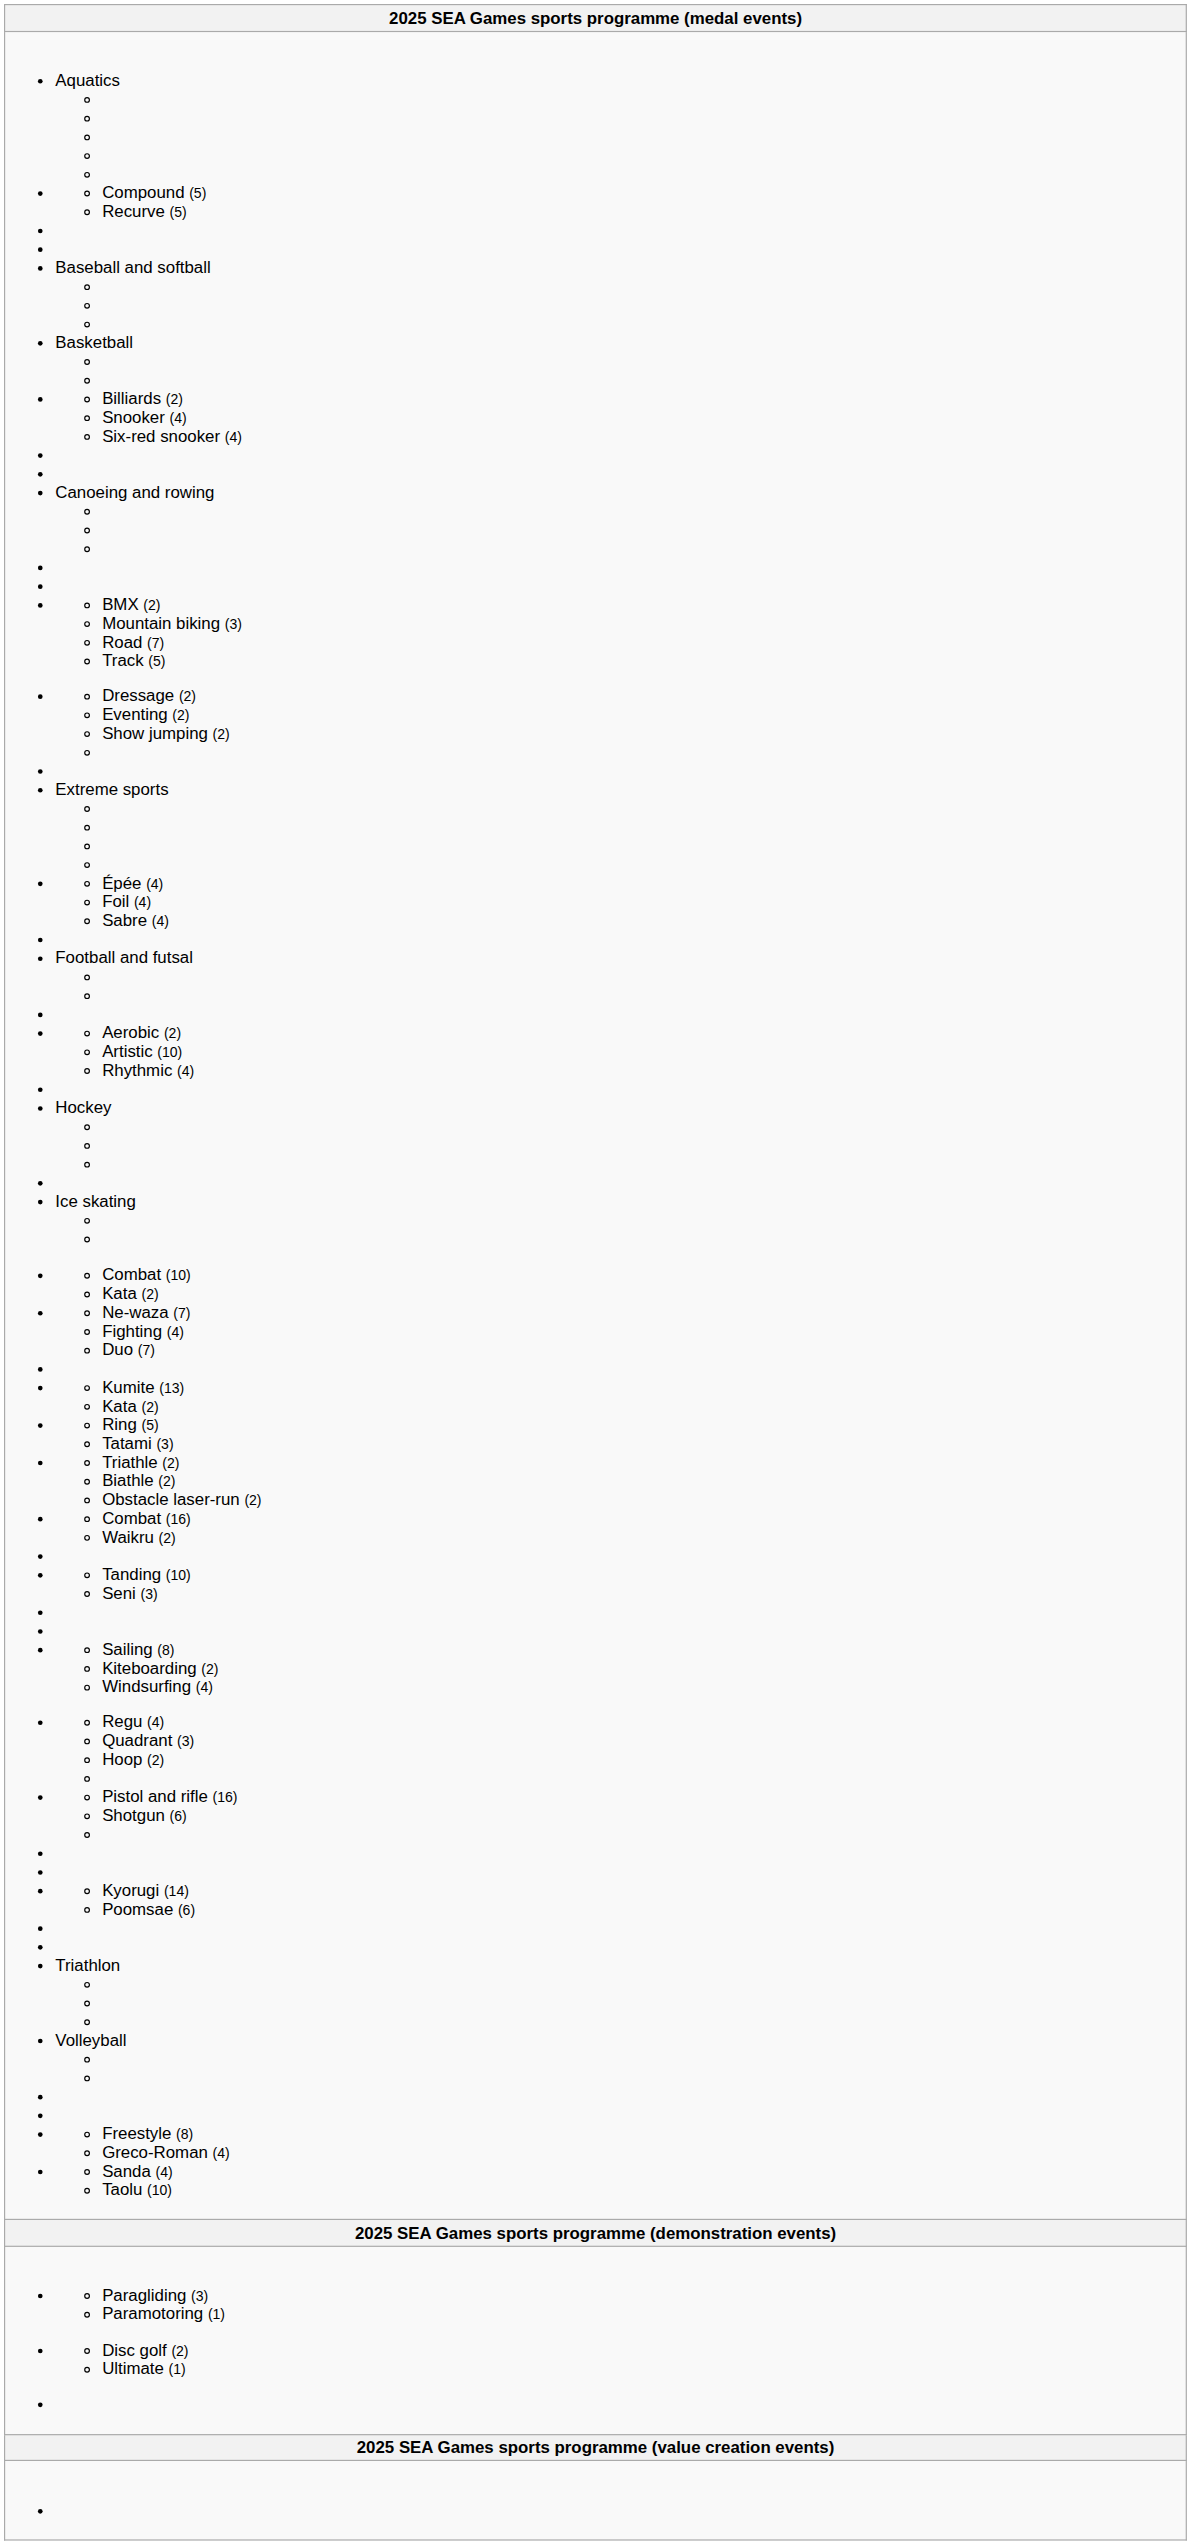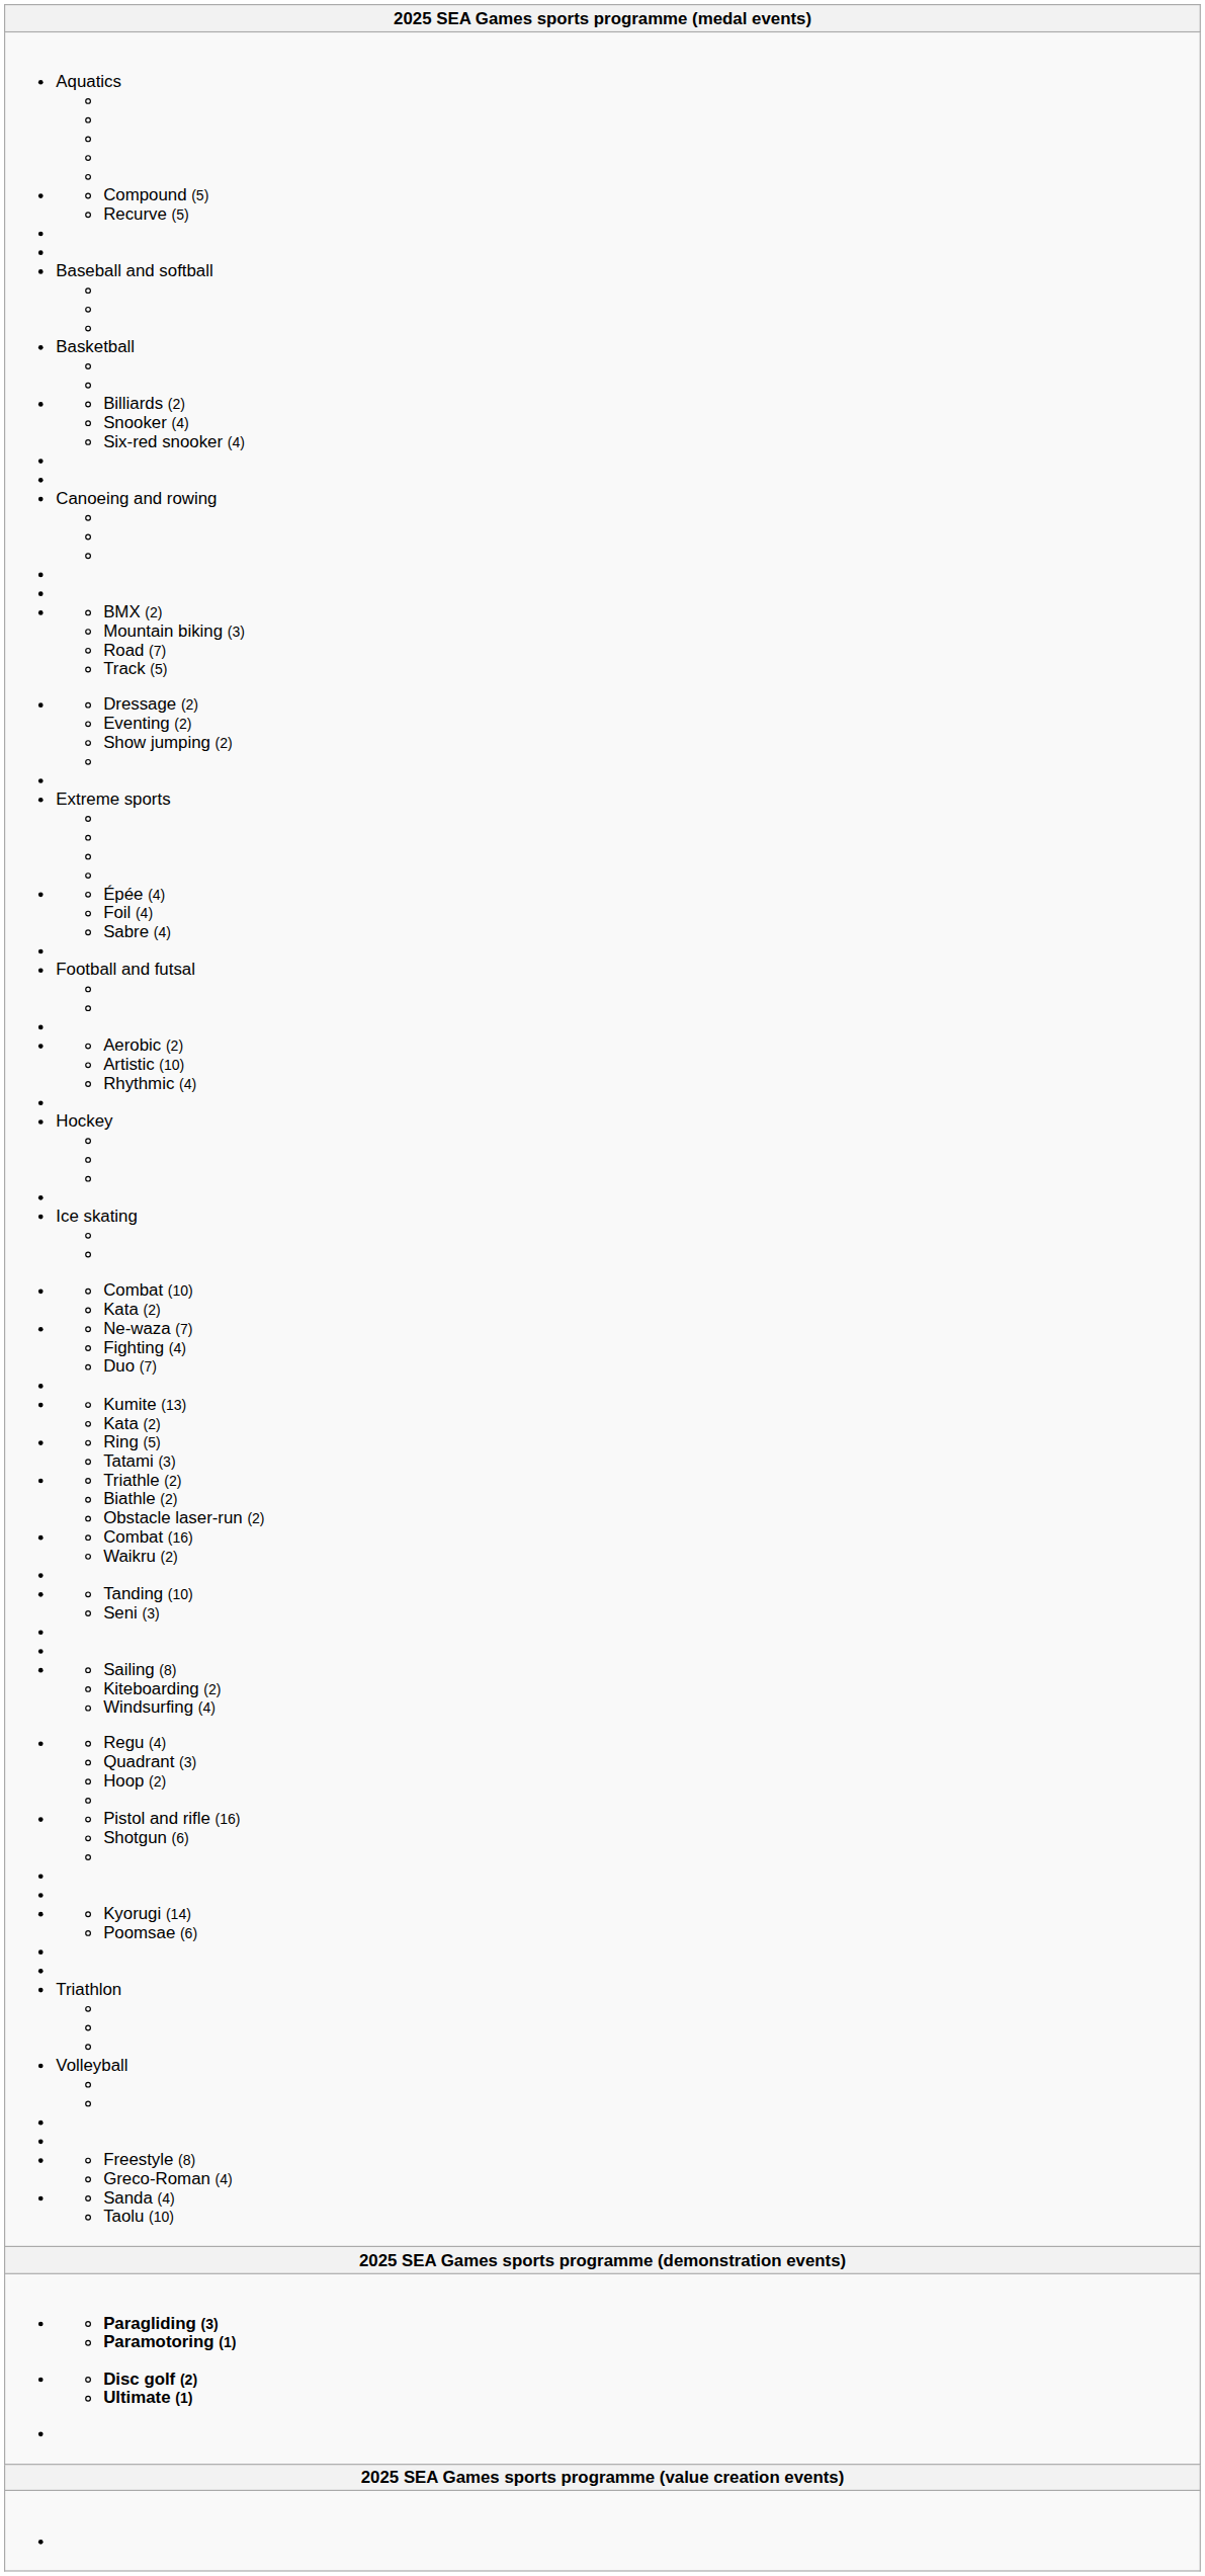 <table class="wikitable mw-collapsible" style="white-space:nowrap; width:80%; font-size:90%;">
 <tr>
 <th>2025 SEA Games sports programme (medal events)</th>
 </tr>
 <tr>
 <td><br> <ul><li>Aquatics <ul><li></li><li></li><li></li><li></li><li></li></ul></li><li><ul><li>Compound <small>(5)</small></li><li>Recurve <small>(5)</small></li></ul></li><li></li><li></li><li>Baseball and softball <ul><li></li><li></li><li></li></ul></li><li>Basketball <ul><li></li><li></li></ul></li><li><ul><li>Billiards <small>(2)</small></li><li>Snooker <small>(4)</small></li><li>Six-red snooker <small>(4)</small></li></ul></li><li></li><li></li><li>Canoeing and rowing <ul><li></li><li></li><li></li></ul></li><li></li><li></li><li><ul><li>BMX <small>(2)</small></li><li>Mountain biking <small>(3)</small></li><li>Road <small>(7)</small></li><li>Track <small>(5)</small></li></ul></li></ul><ul><li><ul><li>Dressage <small>(2)</small></li><li>Eventing <small>(2)</small></li><li>Show jumping <small>(2)</small></li><li></li></ul></li><li></li><li>Extreme sports <ul><li></li><li></li><li></li><li></li></ul></li><li><ul><li>Épée <small>(4)</small></li><li>Foil <small>(4)</small></li><li>Sabre <small>(4)</small></li></ul></li><li></li><li>Football and futsal <ul><li></li><li></li></ul></li><li></li><li><ul><li>Aerobic <small>(2)</small></li><li>Artistic <small>(10)</small></li><li>Rhythmic <small>(4)</small></li></ul></li><li></li><li>Hockey <ul><li></li><li></li><li></li></ul></li><li></li><li>Ice skating <ul><li></li><li></li></ul></li></ul><ul><li><ul><li>Combat <small>(10)</small></li><li>Kata <small>(2)</small></li></ul></li><li><ul><li>Ne-waza <small>(7)</small></li><li>Fighting <small>(4)</small></li><li>Duo <small>(7)</small></li></ul></li><li></li><li><ul><li>Kumite <small>(13)</small></li><li>Kata <small>(2)</small></li></ul></li><li><ul><li>Ring <small>(5)</small></li><li>Tatami <small>(3)</small></li></ul></li><li><ul><li>Triathle <small>(2)</small></li><li>Biathle <small>(2)</small></li><li>Obstacle laser-run <small>(2)</small></li></ul></li><li><ul><li>Combat <small>(16)</small></li><li>Waikru <small>(2)</small></li></ul></li><li></li><li><ul><li>Tanding <small>(10)</small></li><li>Seni <small>(3)</small></li></ul></li><li></li><li></li><li><ul><li>Sailing <small>(8)</small></li><li>Kiteboarding <small>(2)</small></li><li>Windsurfing <small>(4)</small></li></ul></li></ul><ul><li><ul><li>Regu <small>(4)</small></li><li>Quadrant <small>(3)</small></li><li>Hoop <small>(2)</small></li><li></li></ul></li><li><ul><li>Pistol and rifle <small>(16)</small></li><li>Shotgun <small>(6)</small></li><li></li></ul></li><li></li><li></li><li><ul><li>Kyorugi <small>(14)</small></li><li>Poomsae <small>(6)</small></li></ul></li><li></li><li></li><li>Triathlon <ul><li></li><li></li><li></li></ul></li><li>Volleyball <ul><li></li><li></li></ul></li><li></li><li></li><li><ul><li>Freestyle <small>(8)</small></li><li>Greco-Roman <small>(4)</small></li></ul></li><li><ul><li>Sanda <small>(4)</small></li><li>Taolu <small>(10)</small></li></ul></li></ul></td>
 </tr>
 <tr>
 <th>2025 SEA Games sports programme (demonstration events)</th>
 </tr>
 <tr>
-<td><br> <ul><li><ul><li>Paragliding <small>(3)</small></li><li>Paramotoring <small>(1)</small></li></ul></li></ul><ul><li><ul><li>Disc golf <small>(2)</small></li><li>Ultimate <small>(1)</small></li></ul></li></ul><ul><li></li></ul></td>
+<td><strong><br> <ul><li><ul><li>Paragliding <small>(3)</small></li><li>Paramotoring <small>(1)</small></li></ul></li></ul><ul><li><ul><li>Disc golf <small>(2)</small></li><li>Ultimate <small>(1)</small></li></ul></li></ul><ul><li></li></ul></strong></td>
 </tr>
 <tr>
 <th>2025 SEA Games sports programme (value creation events)</th>
 </tr>
 <tr>
 <td><br><ul><li></li></ul></td>
 </tr>
 </table>
